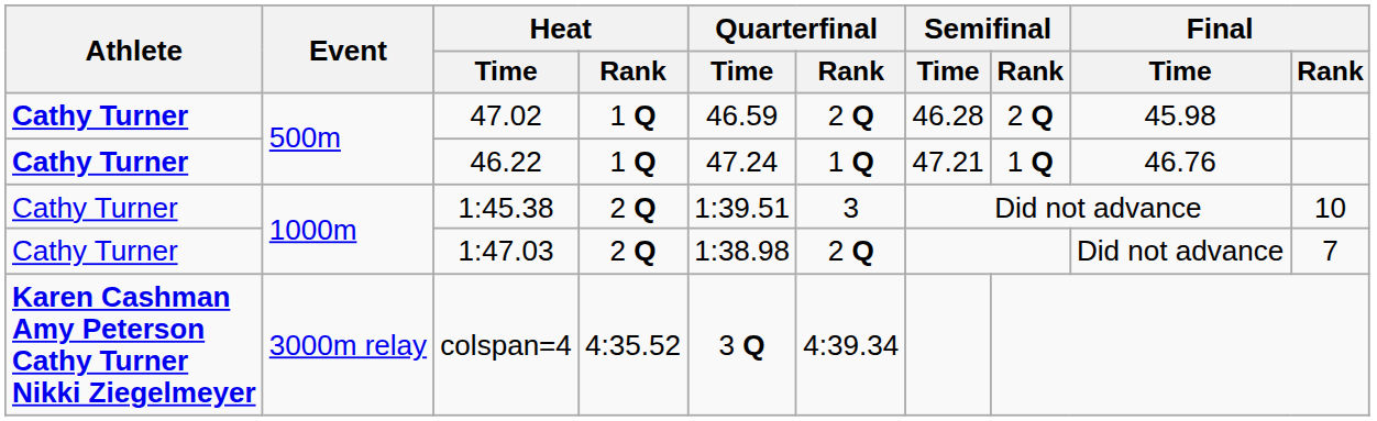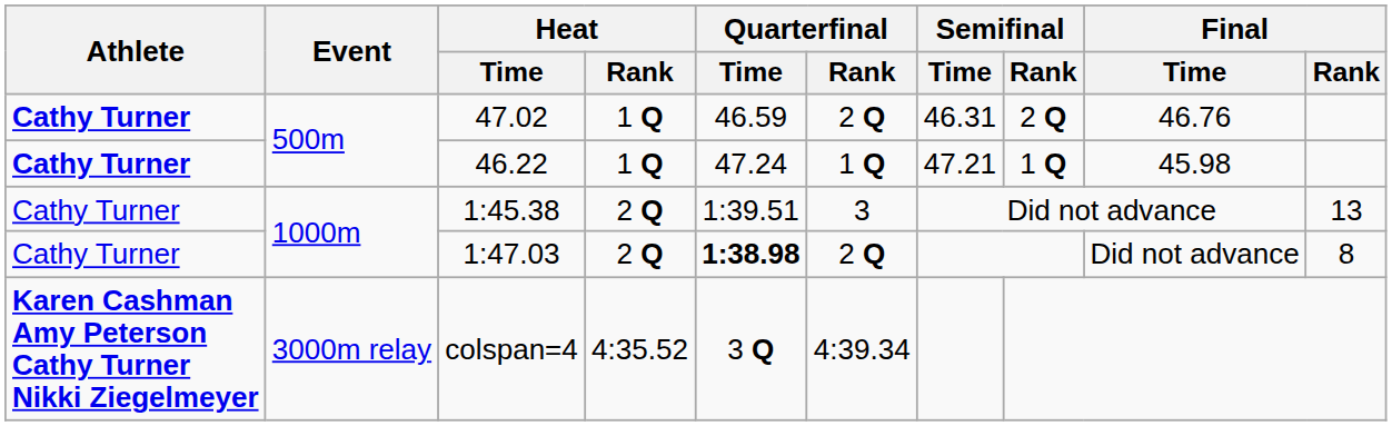 <table class=wikitable style=font-size:90%;text-align:center>
 <tr>
 <th rowspan=2>Athlete</th>
 <th rowspan=2>Event</th>
 <th colspan=2>Heat</th>
 <th colspan=2>Quarterfinal</th>
 <th colspan=2>Semifinal</th>
 <th colspan=2>Final</th>
 </tr>
 <tr style=font-size:95%>
 <th>Time</th>
 <th>Rank</th>
 <th>Time</th>
 <th>Rank</th>
 <th>Time</th>
 <th>Rank</th>
 <th>Time</th>
 <th>Rank</th>
 </tr>
 <tr>
 <td align=left><strong><a href='#'>Cathy Turner</a></strong></td>
 <td align=left rowspan=2><a href='#'>500m</a></td>
 <td>47.02</td>
 <td>1 <strong>Q</strong></td>
 <td>46.59</td>
 <td>2 <strong>Q</strong></td>
-<td>46.28</td>
+<td>46.31</td>
 <td>2 <strong>Q</strong></td>
-<td>45.98</td>
+<td>46.76</td>
 <td></td>
 </tr>
 <tr>
 <td align=left><strong><a href='#'>Cathy Turner</a></strong></td>
 <td>46.22 </td>
 <td>1 <strong>Q</strong></td>
 <td>47.24</td>
 <td>1 <strong>Q</strong></td>
 <td>47.21</td>
 <td>1 <strong>Q</strong></td>
-<td>46.76</td>
+<td>45.98</td>
 <td></td>
 </tr>
 <tr>
 <td align=left><a href='#'>Cathy Turner</a></td>
 <td align=left rowspan=2><a href='#'>1000m</a></td>
 <td>1:45.38</td>
 <td>2 <strong>Q</strong></td>
 <td>1:39.51</td>
 <td>3</td>
 <td colspan=3>Did not advance</td>
-<td>10</td>
+<td>13</td>
 </tr>
 <tr>
 <td align=left><a href='#'>Cathy Turner</a></td>
 <td>1:47.03</td>
 <td>2 <strong>Q</strong></td>
-<td>1:38.98</td>
+<td><strong>1:38.98</strong></td>
 <td>2 <strong>Q</strong></td>
 <td colspan=2></td>
 <td>Did not advance</td>
-<td>7</td>
+<td>8</td>
 </tr>
 <tr>
 <td align=left><strong><a href='#'>Karen Cashman</a><br><a href='#'>Amy Peterson</a><br><a href='#'>Cathy Turner</a><br><a href='#'>Nikki Ziegelmeyer</a></strong></td>
 <td align=left><a href='#'>3000m relay</a></td>
 <td>colspan=4 </td>
 <td>4:35.52</td>
 <td>3 <strong>Q</strong></td>
 <td>4:39.34</td>
 <td></td>
 </tr>
 </table>
